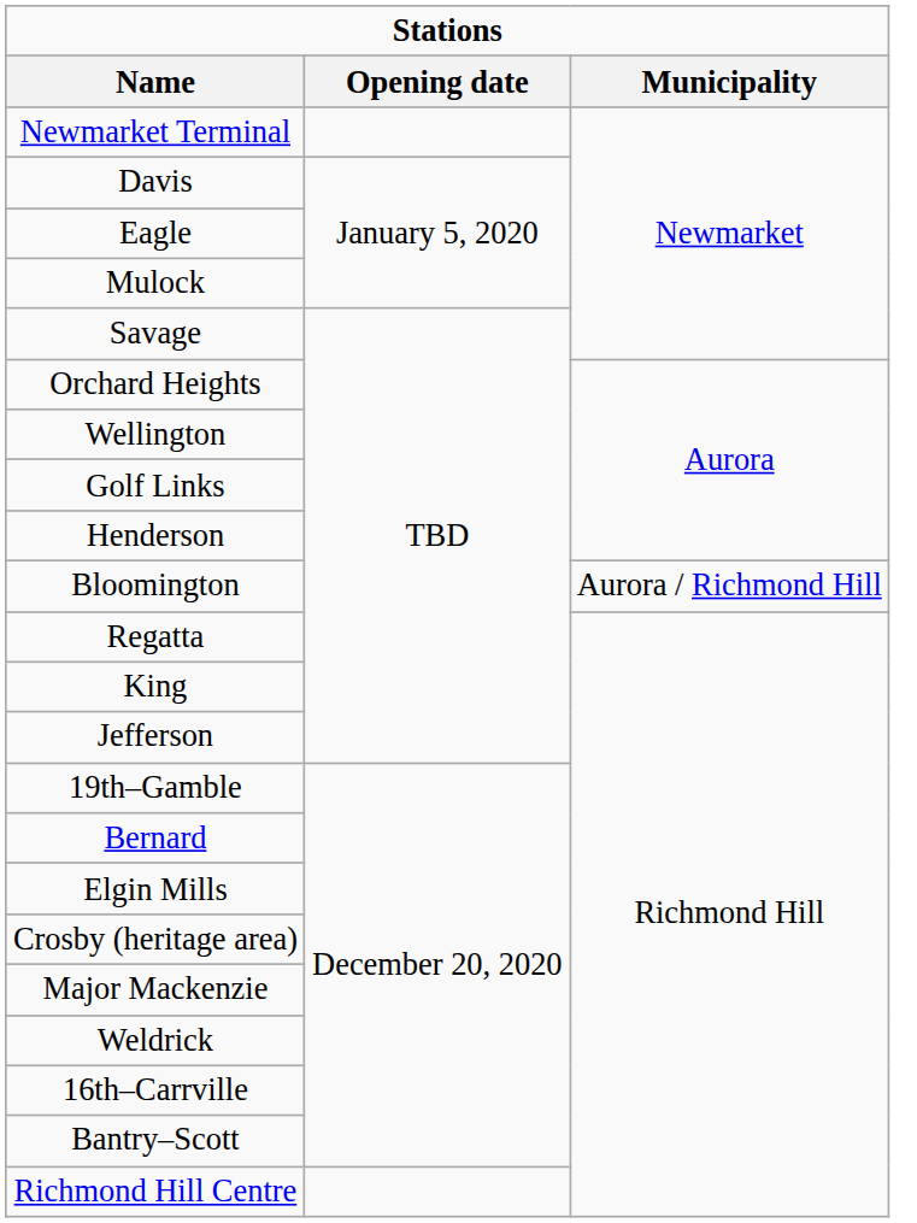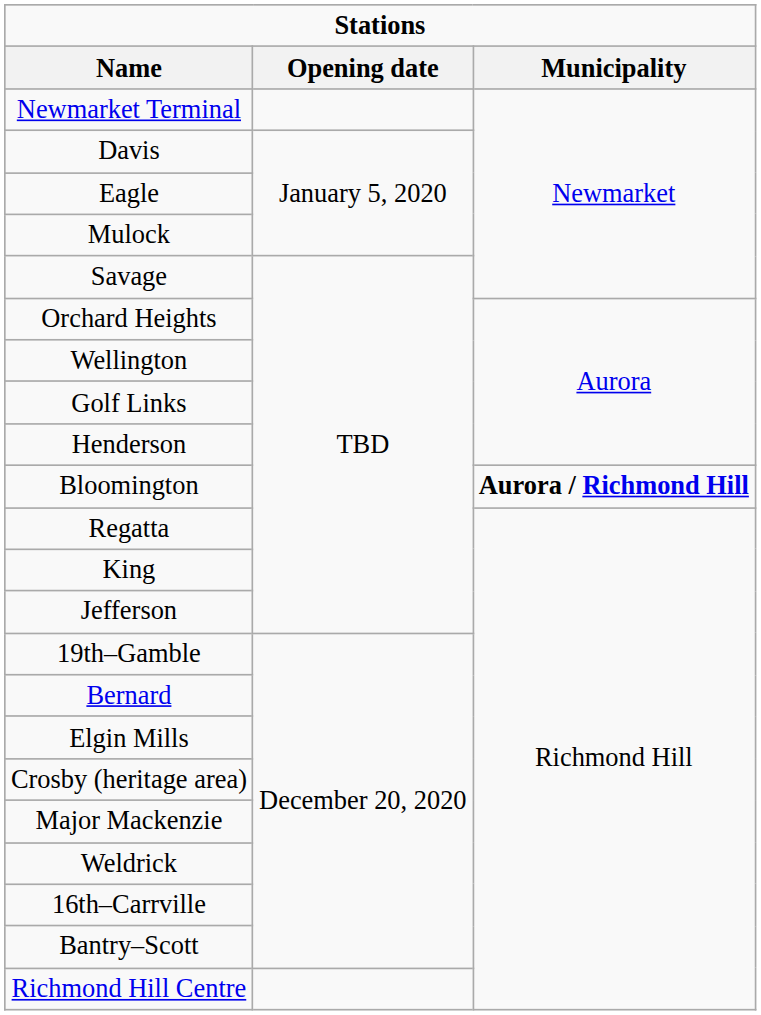 <table class="wikitable" style="text-align:center">
 <tr>
 <td colspan="3"><strong>Stations</strong></td>
 </tr>
 <tr>
 <th>Name</th>
 <th>Opening date</th>
 <th>Municipality</th>
 </tr>
 <tr>
 <td><a href='#'>Newmarket Terminal</a></td>
 <td></td>
 <td rowspan="5"><a href='#'>Newmarket</a></td>
 </tr>
 <tr>
 <td>Davis</td>
 <td rowspan="3">January 5, 2020</td>
 </tr>
 <tr>
 <td>Eagle</td>
 </tr>
 <tr>
 <td>Mulock</td>
 </tr>
 <tr>
 <td>Savage</td>
 <td rowspan="9">TBD</td>
 </tr>
 <tr>
 <td>Orchard Heights</td>
 <td rowspan="4"><a href='#'>Aurora</a></td>
 </tr>
 <tr>
 <td>Wellington</td>
 </tr>
 <tr>
 <td>Golf Links</td>
 </tr>
 <tr>
 <td>Henderson</td>
 </tr>
 <tr>
 <td>Bloomington</td>
-<td>Aurora / <a href='#'>Richmond Hill</a></td>
+<td><strong>Aurora / <a href='#'>Richmond Hill</a></strong></td>
 </tr>
 <tr>
 <td>Regatta</td>
 <td rowspan="12">Richmond Hill</td>
 </tr>
 <tr>
 <td>King</td>
 </tr>
 <tr>
 <td>Jefferson</td>
 </tr>
 <tr>
 <td>19th–Gamble</td>
 <td rowspan="8">December 20, 2020</td>
 </tr>
 <tr>
 <td><a href='#'>Bernard</a></td>
 </tr>
 <tr>
 <td>Elgin Mills</td>
 </tr>
 <tr>
 <td>Crosby (heritage area)</td>
 </tr>
 <tr>
 <td>Major Mackenzie</td>
 </tr>
 <tr>
 <td>Weldrick</td>
 </tr>
 <tr>
 <td>16th–Carrville</td>
 </tr>
 <tr>
 <td>Bantry–Scott</td>
 </tr>
 <tr>
 <td><a href='#'>Richmond Hill Centre</a></td>
 <td></td>
 </tr>
 </table>
